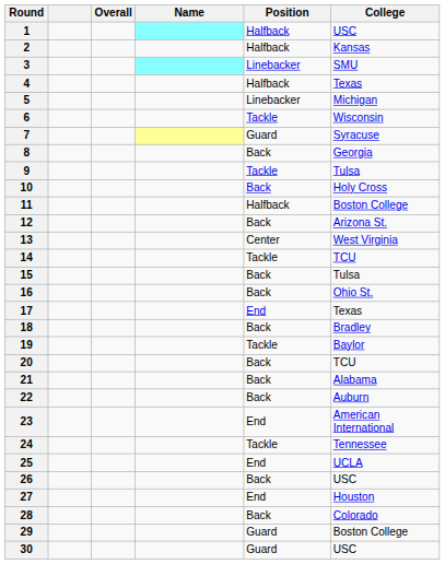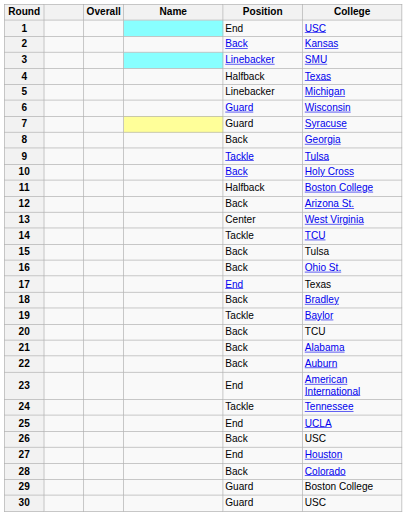 <table class="wikitable sortable" style="width: 50%;">
 <tr>
 <th scope="col" style="width: 10%;">Round</th>
 <th scope="col" style="width: 10%;"></th>
 <th scope="col" style="width: 10%;">Overall</th>
 <th scope="col" style="width: 25%;">Name</th>
 <th scope="col" style="width: 20%;">Position</th>
 <th scope="col" style="width: 25%;">College</th>
 </tr>
 <tr>
 <th scope="row">1</th>
 <td></td>
 <td></td>
 <td style="background:#88FFFF;"> <sup></sup></td>
-<td><a href='#'>Halfback</a></td>
+<td>End</td>
 <td><a href='#'>USC</a></td>
 </tr>
 <tr>
 <th scope="row">2</th>
 <td></td>
 <td></td>
 <td></td>
-<td>Halfback</td>
+<td><a href='#'>Back</a></td>
 <td><a href='#'>Kansas</a></td>
 </tr>
 <tr>
 <th scope="row">3</th>
 <td></td>
 <td></td>
 <td style="background:#88FFFF;"> <sup></sup></td>
 <td><a href='#'>Linebacker</a></td>
 <td><a href='#'>SMU</a></td>
 </tr>
 <tr>
 <th scope="row">4</th>
 <td></td>
 <td></td>
 <td></td>
 <td>Halfback</td>
 <td><a href='#'>Texas</a></td>
 </tr>
 <tr>
 <th scope="row">5</th>
 <td></td>
 <td></td>
 <td></td>
 <td>Linebacker</td>
 <td><a href='#'>Michigan</a></td>
 </tr>
 <tr>
 <th scope="row">6</th>
 <td></td>
 <td></td>
 <td></td>
-<td><a href='#'>Tackle</a></td>
+<td><a href='#'>Guard</a></td>
 <td><a href='#'>Wisconsin</a></td>
 </tr>
 <tr>
 <th scope="row">7</th>
 <td></td>
 <td></td>
 <td style="background:#FFFF99;"> </td>
 <td>Guard</td>
 <td><a href='#'>Syracuse</a></td>
 </tr>
 <tr>
 <th scope="row">8</th>
 <td></td>
 <td></td>
 <td></td>
 <td>Back</td>
 <td><a href='#'>Georgia</a></td>
 </tr>
 <tr>
 <th scope="row">9</th>
 <td></td>
 <td></td>
 <td></td>
 <td><a href='#'>Tackle</a></td>
 <td><a href='#'>Tulsa</a></td>
 </tr>
 <tr>
 <th scope="row">10</th>
 <td></td>
 <td></td>
 <td></td>
 <td><a href='#'>Back</a></td>
 <td><a href='#'>Holy Cross</a></td>
 </tr>
 <tr>
 <th scope="row">11</th>
 <td></td>
 <td></td>
 <td></td>
 <td>Halfback</td>
 <td><a href='#'>Boston College</a></td>
 </tr>
 <tr>
 <th scope="row">12</th>
 <td></td>
 <td></td>
 <td></td>
 <td>Back</td>
 <td><a href='#'>Arizona St.</a></td>
 </tr>
 <tr>
 <th scope="row">13</th>
 <td></td>
 <td></td>
 <td></td>
 <td>Center</td>
 <td><a href='#'>West Virginia</a></td>
 </tr>
 <tr>
 <th scope="row">14</th>
 <td></td>
 <td></td>
 <td></td>
 <td>Tackle</td>
 <td><a href='#'>TCU</a></td>
 </tr>
 <tr>
 <th scope="row">15</th>
 <td></td>
 <td></td>
 <td></td>
 <td>Back</td>
 <td>Tulsa</td>
 </tr>
 <tr>
 <th scope="row">16</th>
 <td></td>
 <td></td>
 <td></td>
 <td>Back</td>
 <td><a href='#'>Ohio St.</a></td>
 </tr>
 <tr>
 <th scope="row">17</th>
 <td></td>
 <td></td>
 <td></td>
 <td><a href='#'>End</a></td>
 <td>Texas</td>
 </tr>
 <tr>
 <th scope="row">18</th>
 <td></td>
 <td></td>
 <td></td>
 <td>Back</td>
 <td><a href='#'>Bradley</a></td>
 </tr>
 <tr>
 <th scope="row">19</th>
 <td></td>
 <td></td>
 <td></td>
 <td>Tackle</td>
 <td><a href='#'>Baylor</a></td>
 </tr>
 <tr>
 <th scope="row">20</th>
 <td></td>
 <td></td>
 <td></td>
 <td>Back</td>
 <td>TCU</td>
 </tr>
 <tr>
 <th scope="row">21</th>
 <td></td>
 <td></td>
 <td></td>
 <td>Back</td>
 <td><a href='#'>Alabama</a></td>
 </tr>
 <tr>
 <th scope="row">22</th>
 <td></td>
 <td></td>
 <td></td>
 <td>Back</td>
 <td><a href='#'>Auburn</a></td>
 </tr>
 <tr>
 <th scope="row">23</th>
 <td></td>
 <td></td>
 <td></td>
 <td>End</td>
 <td><a href='#'>American International</a></td>
 </tr>
 <tr>
 <th scope="row">24</th>
 <td></td>
 <td></td>
 <td></td>
 <td>Tackle</td>
 <td><a href='#'>Tennessee</a></td>
 </tr>
 <tr>
 <th scope="row">25</th>
 <td></td>
 <td></td>
 <td></td>
 <td>End</td>
 <td><a href='#'>UCLA</a></td>
 </tr>
 <tr>
 <th scope="row">26</th>
 <td></td>
 <td></td>
 <td></td>
 <td>Back</td>
 <td>USC</td>
 </tr>
 <tr>
 <th scope="row">27</th>
 <td></td>
 <td></td>
 <td></td>
 <td>End</td>
 <td><a href='#'>Houston</a></td>
 </tr>
 <tr>
 <th scope="row">28</th>
 <td></td>
 <td></td>
 <td></td>
 <td>Back</td>
 <td><a href='#'>Colorado</a></td>
 </tr>
 <tr>
 <th scope="row">29</th>
 <td></td>
 <td></td>
 <td></td>
 <td>Guard</td>
 <td>Boston College</td>
 </tr>
 <tr>
 <th scope="row">30</th>
 <td></td>
 <td></td>
 <td></td>
 <td>Guard</td>
 <td>USC</td>
 </tr>
 </table>
